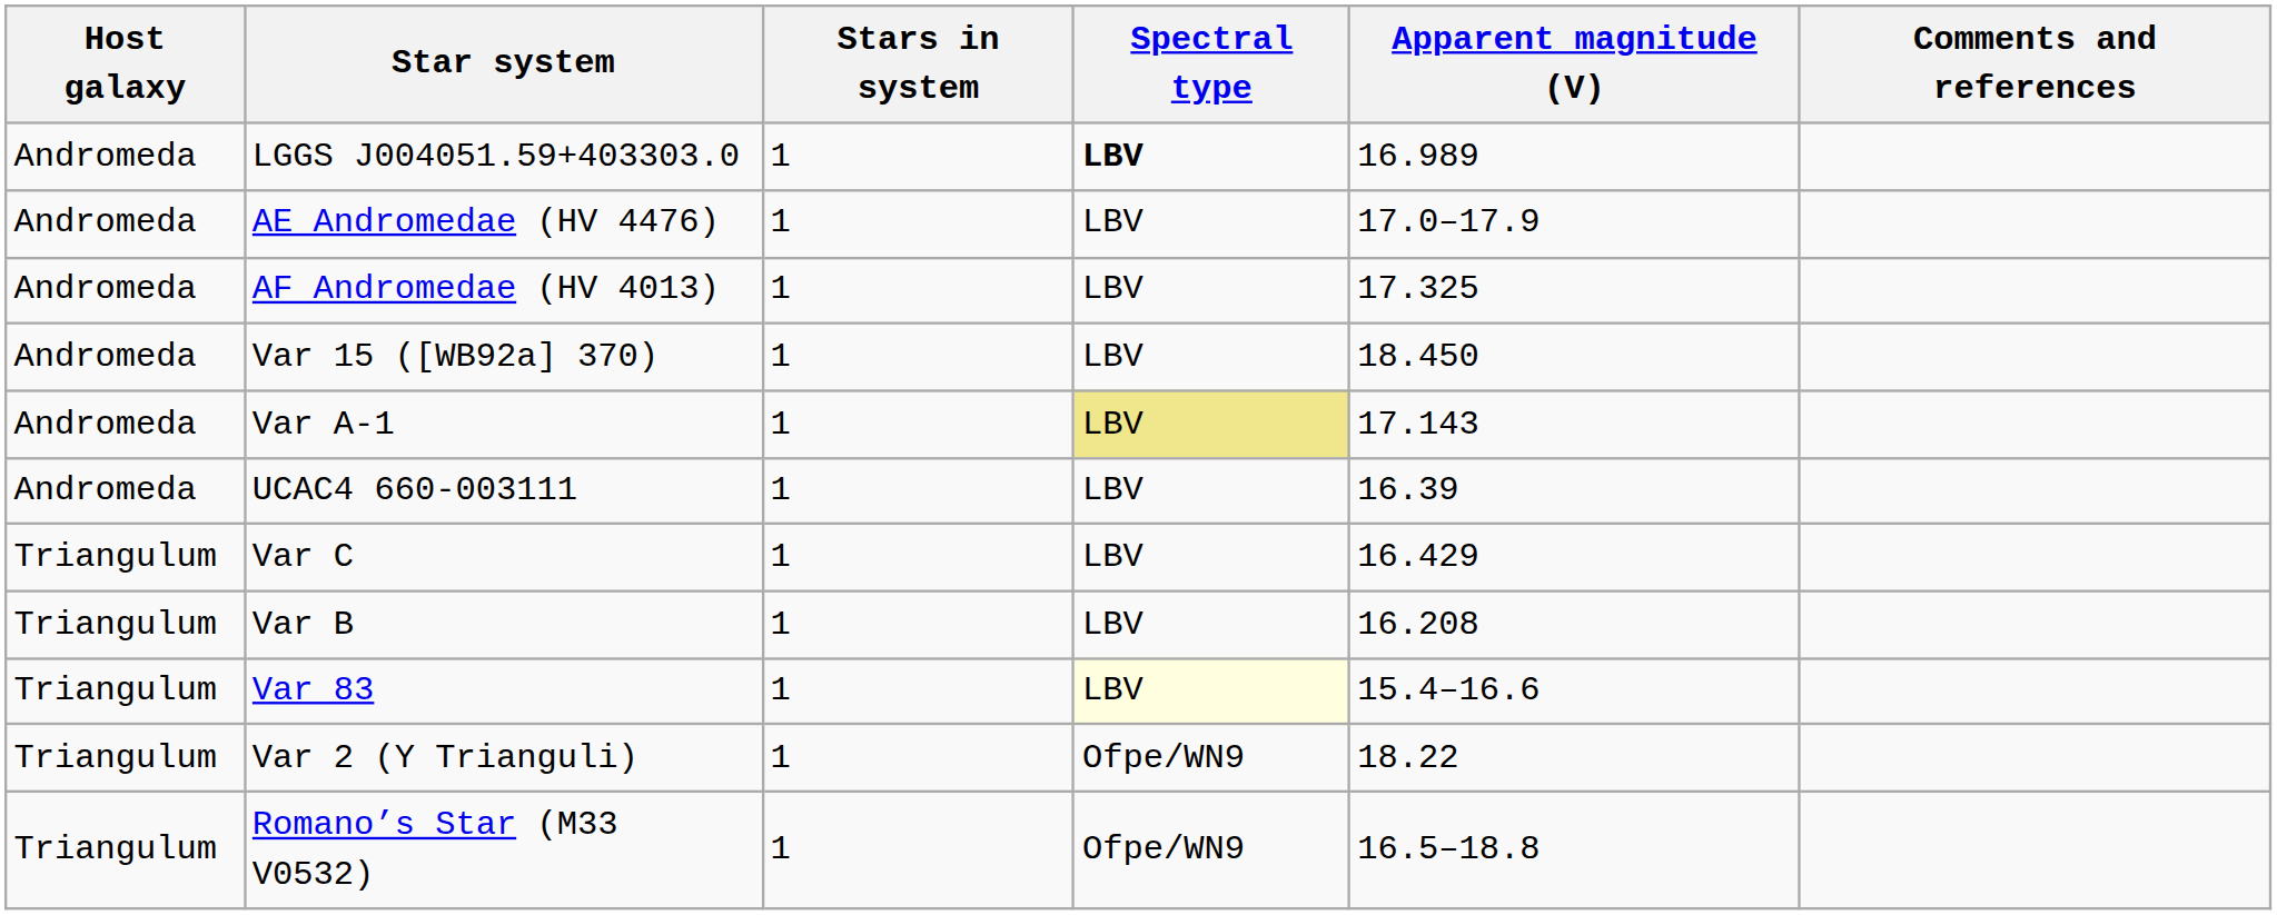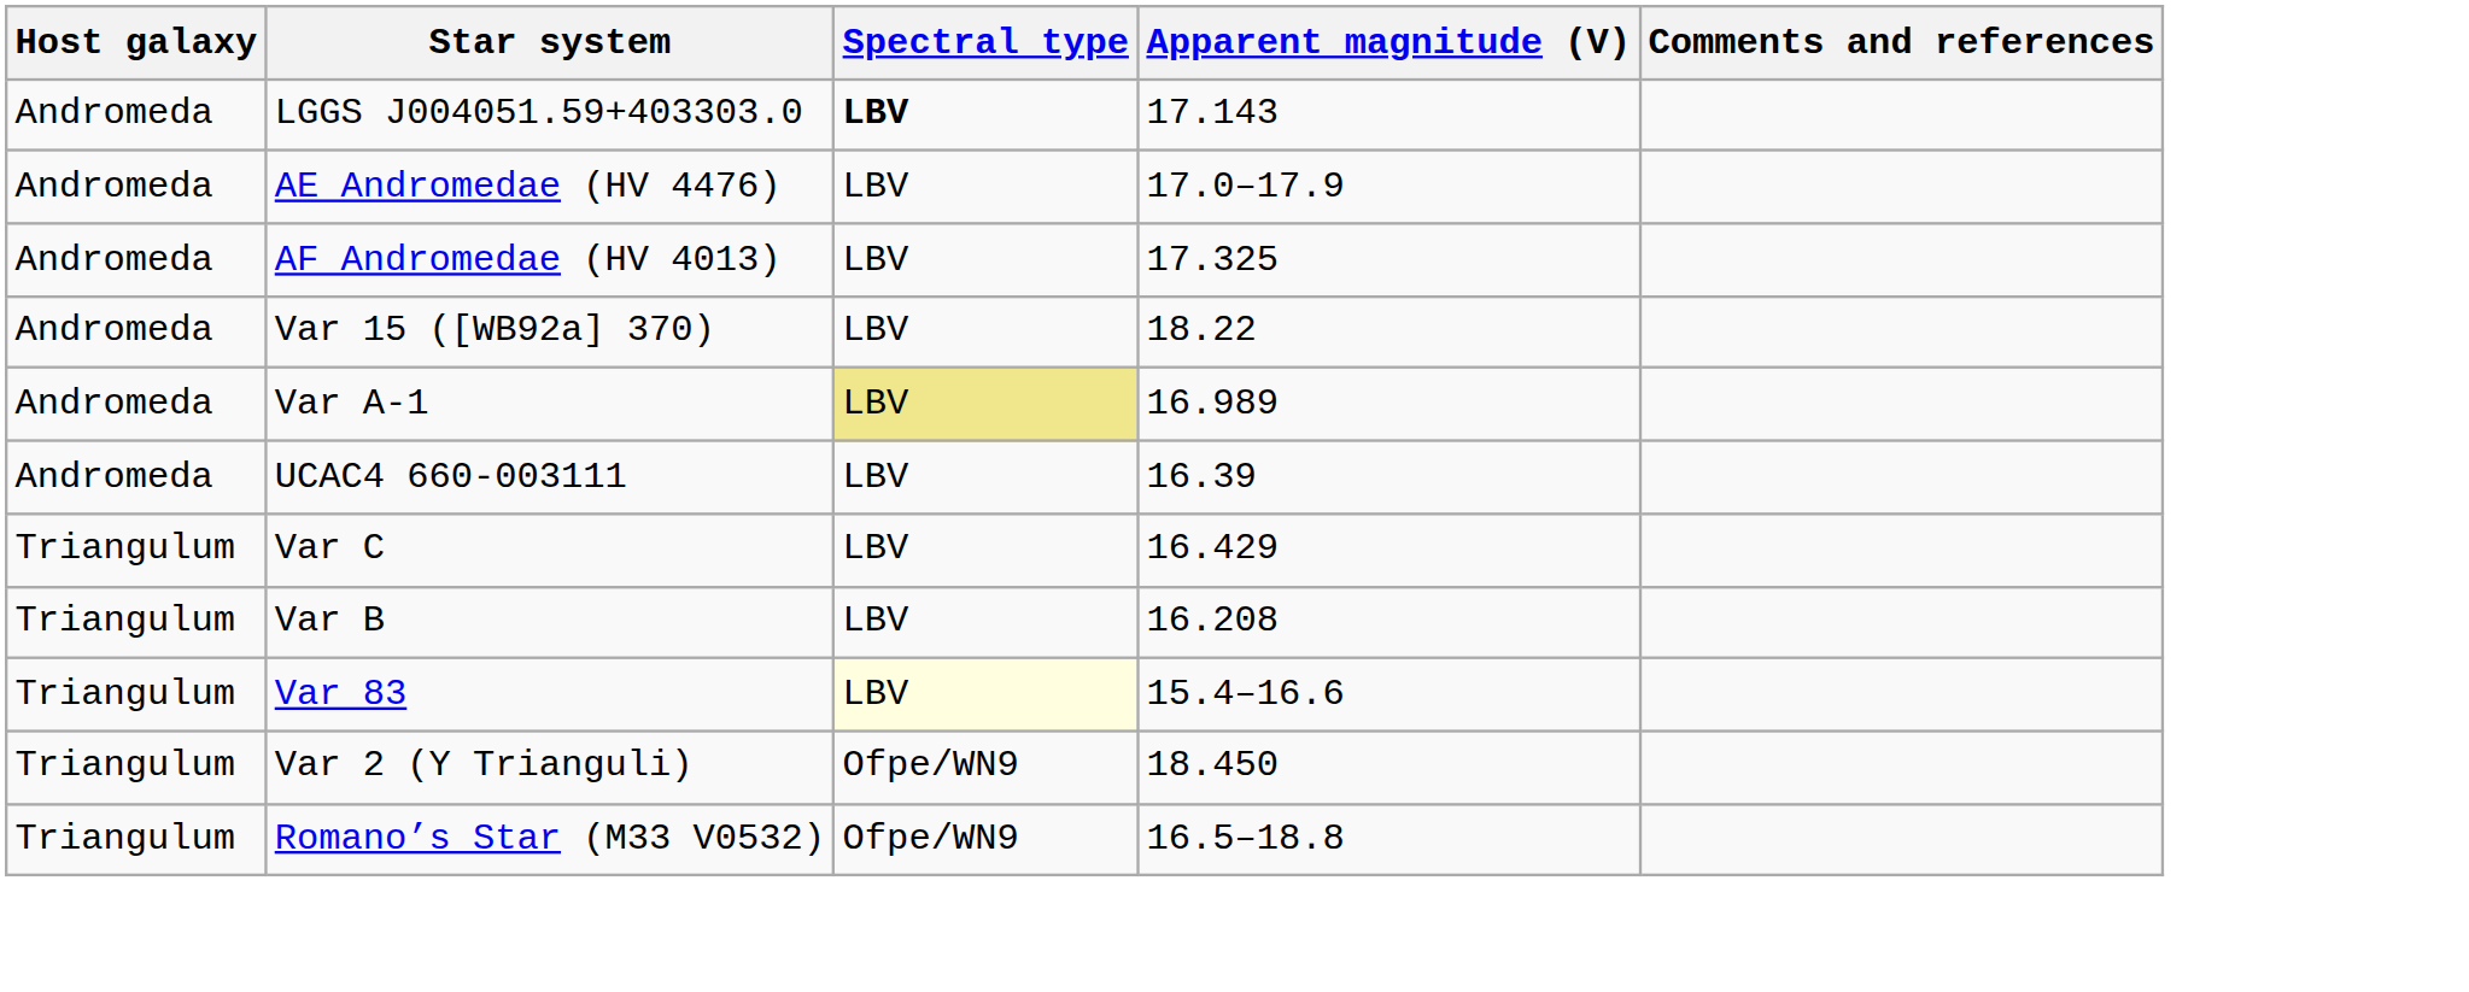 <table class="wikitable sortable" style="font-size:1.00em; line-height:1.5em; position:relative;">
 <tr>
 <th>Host galaxy</th>
 <th scope="col">Star system</th>
-<th scope="col">Stars in system</th>
 <th scope="col"><a href='#'>Spectral type</a></th>
 <th scope="col"><a href='#'>Apparent magnitude</a> (V)</th>
 <th scope="col">Comments and references</th>
 </tr>
 <tr>
 <td>Andromeda</td>
 <td>LGGS J004051.59+403303.0</td>
-<td>1</td>
 <td><strong>LBV</strong></td>
-<td>16.989</td>
+<td>17.143</td>
 <td></td>
 </tr>
 <tr>
 <td>Andromeda</td>
 <td><a href='#'>AE Andromedae</a> (HV 4476)</td>
-<td>1</td>
 <td>LBV</td>
 <td>17.0–17.9</td>
 <td></td>
 </tr>
 <tr>
 <td>Andromeda</td>
 <td><a href='#'>AF Andromedae</a> (HV 4013)</td>
-<td>1</td>
 <td>LBV</td>
 <td>17.325</td>
 <td></td>
 </tr>
 <tr>
 <td>Andromeda</td>
 <td>Var 15 ([WB92a] 370)</td>
-<td>1</td>
 <td>LBV</td>
-<td>18.450</td>
+<td>18.22</td>
 <td></td>
 </tr>
 <tr>
 <td>Andromeda</td>
 <td>Var A-1</td>
-<td>1</td>
 <td style="background: khaki;">LBV</td>
-<td>17.143</td>
+<td>16.989</td>
 <td></td>
 </tr>
 <tr>
 <td>Andromeda</td>
 <td>UCAC4 660-003111</td>
-<td>1</td>
 <td>LBV</td>
 <td>16.39</td>
 <td></td>
 </tr>
 <tr>
 <td>Triangulum</td>
 <td>Var C</td>
-<td>1</td>
 <td>LBV</td>
 <td>16.429</td>
 <td></td>
 </tr>
 <tr>
 <td>Triangulum</td>
 <td>Var B</td>
-<td>1</td>
 <td>LBV</td>
 <td>16.208</td>
 <td></td>
 </tr>
 <tr>
 <td>Triangulum</td>
 <td><a href='#'>Var 83</a></td>
-<td>1</td>
 <td style="background: lightyellow;">LBV</td>
 <td>15.4–16.6</td>
 <td></td>
 </tr>
 <tr>
 <td>Triangulum</td>
 <td>Var 2 (Y Trianguli)</td>
-<td>1</td>
 <td style="background: ">Ofpe/WN9</td>
-<td>18.22</td>
+<td>18.450</td>
 <td></td>
 </tr>
 <tr>
 <td>Triangulum</td>
 <td><a href='#'>Romano’s Star</a> (M33 V0532)</td>
-<td>1</td>
 <td style="background: ">Ofpe/WN9</td>
 <td>16.5–18.8</td>
 <td></td>
 </tr>
 </table>
